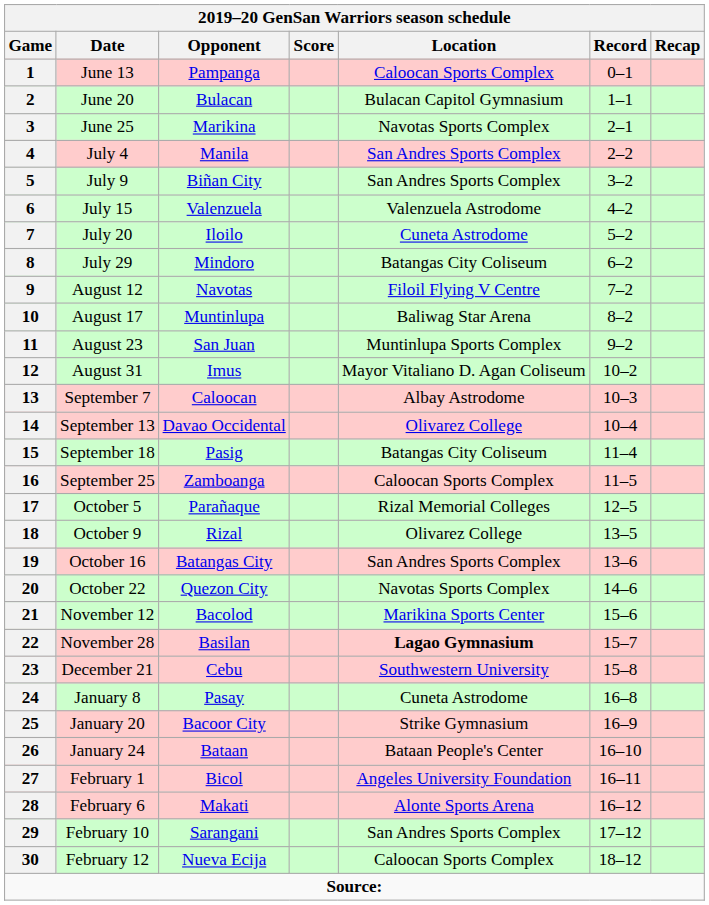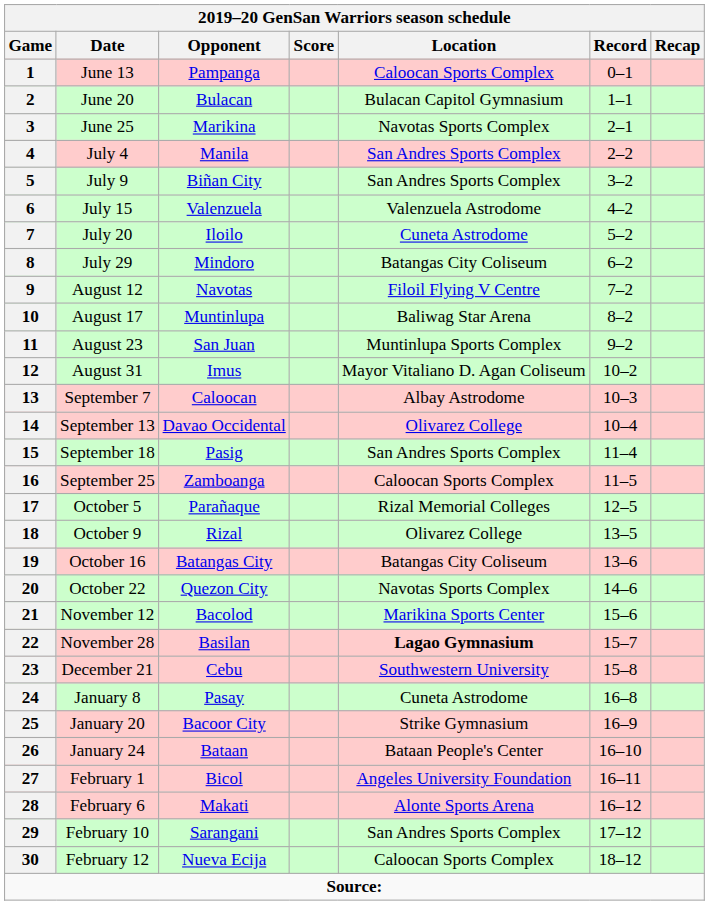 <table class="wikitable" style="text-align:center">
 <tr>
 <th colspan=7>2019–20 GenSan Warriors season schedule</th>
 </tr>
 <tr>
 <th>Game</th>
 <th>Date</th>
 <th>Opponent</th>
 <th>Score</th>
 <th>Location</th>
 <th>Record</th>
 <th>Recap<br></th>
 </tr>
 <tr style="background:#fcc">
 <th>1</th>
 <td>June 13</td>
 <td><a href='#'>Pampanga</a></td>
 <td></td>
 <td><a href='#'>Caloocan Sports Complex</a></td>
 <td>0–1</td>
 <td></td>
 </tr>
 <tr style="background:#cfc">
 <th>2</th>
 <td>June 20</td>
 <td><a href='#'>Bulacan</a></td>
 <td></td>
 <td>Bulacan Capitol Gymnasium</td>
 <td>1–1</td>
 <td></td>
 </tr>
 <tr style="background:#cfc">
 <th>3</th>
 <td>June 25</td>
 <td><a href='#'>Marikina</a></td>
 <td></td>
 <td>Navotas Sports Complex</td>
 <td>2–1</td>
 <td></td>
 </tr>
 <tr style="background:#fcc">
 <th>4</th>
 <td>July 4</td>
 <td><a href='#'>Manila</a></td>
 <td></td>
 <td><a href='#'>San Andres Sports Complex</a></td>
 <td>2–2</td>
 <td></td>
 </tr>
 <tr style="background:#cfc">
 <th>5</th>
 <td>July 9</td>
 <td><a href='#'>Biñan City</a></td>
 <td></td>
 <td>San Andres Sports Complex</td>
 <td>3–2</td>
 <td></td>
 </tr>
 <tr style="background:#cfc">
 <th>6</th>
 <td>July 15</td>
 <td><a href='#'>Valenzuela</a></td>
 <td></td>
 <td>Valenzuela Astrodome</td>
 <td>4–2</td>
 <td></td>
 </tr>
 <tr style="background:#cfc">
 <th>7</th>
 <td>July 20</td>
 <td><a href='#'>Iloilo</a></td>
 <td></td>
 <td><a href='#'>Cuneta Astrodome</a></td>
 <td>5–2</td>
 <td></td>
 </tr>
 <tr style="background:#cfc">
 <th>8</th>
 <td>July 29</td>
 <td><a href='#'>Mindoro</a></td>
 <td></td>
 <td>Batangas City Coliseum</td>
 <td>6–2</td>
 <td></td>
 </tr>
 <tr style="background:#cfc">
 <th>9</th>
 <td>August 12</td>
 <td><a href='#'>Navotas</a></td>
 <td></td>
 <td><a href='#'>Filoil Flying V Centre</a></td>
 <td>7–2</td>
 <td></td>
 </tr>
 <tr style="background:#cfc">
 <th>10</th>
 <td>August 17</td>
 <td><a href='#'>Muntinlupa</a></td>
 <td></td>
 <td>Baliwag Star Arena</td>
 <td>8–2</td>
 <td></td>
 </tr>
 <tr style="background:#cfc">
 <th>11</th>
 <td>August 23</td>
 <td><a href='#'>San Juan</a></td>
 <td></td>
 <td>Muntinlupa Sports Complex</td>
 <td>9–2</td>
 <td></td>
 </tr>
 <tr style="background:#cfc">
 <th>12</th>
 <td>August 31</td>
 <td><a href='#'>Imus</a></td>
 <td></td>
 <td>Mayor Vitaliano D. Agan Coliseum</td>
 <td>10–2</td>
 <td><br></td>
 </tr>
 <tr style="background:#fcc">
 <th>13</th>
 <td>September 7</td>
 <td><a href='#'>Caloocan</a></td>
 <td></td>
 <td>Albay Astrodome</td>
 <td>10–3</td>
 <td></td>
 </tr>
 <tr style="background:#fcc">
 <th>14</th>
 <td>September 13</td>
 <td><a href='#'>Davao Occidental</a></td>
 <td></td>
 <td><a href='#'>Olivarez College</a></td>
 <td>10–4</td>
 <td></td>
 </tr>
 <tr style="background:#cfc">
 <th>15</th>
 <td>September 18</td>
 <td><a href='#'>Pasig</a></td>
 <td></td>
-<td>Batangas City Coliseum</td>
+<td>San Andres Sports Complex</td>
 <td>11–4</td>
 <td></td>
 </tr>
 <tr style="background:#fcc">
 <th>16</th>
 <td>September 25</td>
 <td><a href='#'>Zamboanga</a></td>
 <td></td>
 <td>Caloocan Sports Complex</td>
 <td>11–5</td>
 <td></td>
 </tr>
 <tr style="background:#cfc">
 <th>17</th>
 <td>October 5</td>
 <td><a href='#'>Parañaque</a></td>
 <td></td>
 <td>Rizal Memorial Colleges</td>
 <td>12–5</td>
 <td></td>
 </tr>
 <tr style="background:#cfc">
 <th>18</th>
 <td>October 9</td>
 <td><a href='#'>Rizal</a></td>
 <td></td>
 <td>Olivarez College</td>
 <td>13–5</td>
 <td></td>
 </tr>
 <tr style="background:#fcc">
 <th>19</th>
 <td>October 16</td>
 <td><a href='#'>Batangas City</a></td>
 <td></td>
-<td>San Andres Sports Complex</td>
+<td>Batangas City Coliseum</td>
 <td>13–6</td>
 <td></td>
 </tr>
 <tr style="background:#cfc">
 <th>20</th>
 <td>October 22</td>
 <td><a href='#'>Quezon City</a></td>
 <td></td>
 <td>Navotas Sports Complex</td>
 <td>14–6</td>
 <td></td>
 </tr>
 <tr style="background:#cfc">
 <th>21</th>
 <td>November 12</td>
 <td><a href='#'>Bacolod</a></td>
 <td></td>
 <td><a href='#'>Marikina Sports Center</a></td>
 <td>15–6</td>
 <td></td>
 </tr>
 <tr style="background:#fcc">
 <th>22</th>
 <td>November 28</td>
 <td><a href='#'>Basilan</a></td>
 <td></td>
 <td><strong>Lagao Gymnasium</strong></td>
 <td>15–7</td>
 <td><br></td>
 </tr>
 <tr style="background:#fcc">
 <th>23</th>
 <td>December 21</td>
 <td><a href='#'>Cebu</a></td>
 <td></td>
 <td><a href='#'>Southwestern University</a></td>
 <td>15–8</td>
 <td></td>
 </tr>
 <tr style="background:#cfc">
 <th>24</th>
 <td>January 8</td>
 <td><a href='#'>Pasay</a></td>
 <td></td>
 <td>Cuneta Astrodome</td>
 <td>16–8</td>
 <td></td>
 </tr>
 <tr style="background:#fcc">
 <th>25</th>
 <td>January 20</td>
 <td><a href='#'>Bacoor City</a></td>
 <td></td>
 <td>Strike Gymnasium</td>
 <td>16–9</td>
 <td></td>
 </tr>
 <tr style="background:#fcc">
 <th>26</th>
 <td>January 24</td>
 <td><a href='#'>Bataan</a></td>
 <td></td>
 <td>Bataan People's Center</td>
 <td>16–10</td>
 <td></td>
 </tr>
 <tr style="background:#fcc">
 <th>27</th>
 <td>February 1</td>
 <td><a href='#'>Bicol</a></td>
 <td></td>
 <td><a href='#'>Angeles University Foundation</a></td>
 <td>16–11</td>
 <td></td>
 </tr>
 <tr style="background:#fcc">
 <th>28</th>
 <td>February 6</td>
 <td><a href='#'>Makati</a></td>
 <td></td>
 <td><a href='#'>Alonte Sports Arena</a></td>
 <td>16–12</td>
 <td></td>
 </tr>
 <tr style="background:#cfc">
 <th>29</th>
 <td>February 10</td>
 <td><a href='#'>Sarangani</a></td>
 <td></td>
 <td>San Andres Sports Complex</td>
 <td>17–12</td>
 <td></td>
 </tr>
 <tr style="background:#cfc">
 <th>30</th>
 <td>February 12</td>
 <td><a href='#'>Nueva Ecija</a></td>
 <td></td>
 <td>Caloocan Sports Complex</td>
 <td>18–12</td>
 <td></td>
 </tr>
 <tr>
 <td colspan=7 align=center><strong>Source: </strong></td>
 </tr>
 </table>
